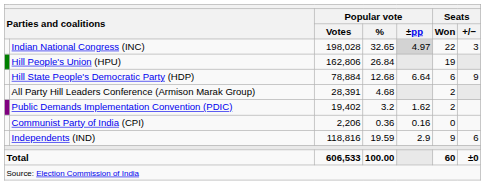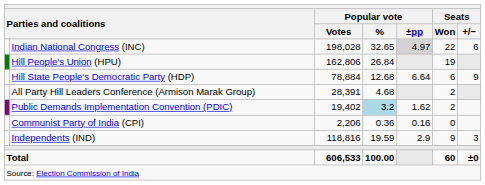 <table class="wikitable" style="text-align:right; font-size:95%;">
 <tr>
 <th colspan=10></th>
 </tr>
 <tr>
 <th style="text-align:left;" rowspan="2" colspan="2" width="485">Parties and coalitions</th>
 <th colspan="3">Popular vote</th>
 <th colspan="2">Seats</th>
 </tr>
 <tr>
 <th width="70">Votes</th>
 <th width="45">%</th>
 <th width="50">±<a href='#'>pp</a></th>
 <th width="30">Won</th>
 <th width="30">+/−</th>
 </tr>
 <tr>
 <td width="1" style="color:inherit;background:"></td>
 <td align="left"><a href='#'>Indian National Congress</a> (INC)</td>
 <td>198,028</td>
 <td>32.65</td>
 <td style="background: lightgrey;">4.97 </td>
 <td>22</td>
-<td>3 </td>
+<td>6 </td>
 </tr>
 <tr>
 <td width="1" bgcolor="green"></td>
 <td align="left"><a href='#'>Hill People's Union</a> (HPU)</td>
 <td>162,806</td>
 <td>26.84</td>
 <td style="color:inherit;background:#E9E9E9"></td>
 <td>19</td>
 <td style="color:inherit;background:#E9E9E9"></td>
 </tr>
 <tr>
 <td width="1"></td>
 <td align="left"><a href='#'>Hill State People's Democratic Party</a> (HDP)</td>
 <td>78,884</td>
 <td>12.68</td>
 <td>6.64 </td>
 <td>6</td>
 <td>9 </td>
 </tr>
 <tr>
 <td width="1"></td>
 <td align="left">All Party Hill Leaders Conference (Armison Marak Group)</td>
 <td>28,391</td>
 <td>4.68</td>
 <td style="color:inherit;background:#E9E9E9"></td>
 <td>2</td>
 <td style="color:inherit;background:#E9E9E9"></td>
 </tr>
 <tr>
 <td width="1" bgcolor="purple"></td>
 <td align="left"><a href='#'>Public Demands Implementation Convention (PDIC)</a></td>
 <td>19,402</td>
-<td>3.2</td>
+<td style="background: lightblue;">3.2</td>
 <td>1.62 </td>
 <td>2</td>
 <td></td>
 </tr>
 <tr>
 <td></td>
 <td align="left"><a href='#'>Communist Party of India</a> (CPI)</td>
 <td>2,206</td>
 <td>0.36</td>
 <td>0.16 </td>
 <td>0</td>
 <td></td>
 </tr>
 <tr>
 <td></td>
 <td align="left"><a href='#'>Independents</a> (IND)</td>
 <td>118,816</td>
 <td>19.59</td>
 <td>2.9 </td>
 <td>9</td>
-<td>6 </td>
+<td>3 </td>
 </tr>
 <tr>
 <td colspan="7" bgcolor="#E9E9E9"></td>
 </tr>
 <tr style="font-weight:bold;">
 <td align="left" colspan="2">Total</td>
 <td>606,533</td>
 <td>100.00</td>
 <td bgcolor="#E9E9E9"></td>
 <td>60</td>
 <td>±0</td>
 </tr>
 <tr>
 <td style="text-align:left;" colspan="7"><small>Source: <a href='#'>Election Commission of India</a></small></td>
 </tr>
 </table>
